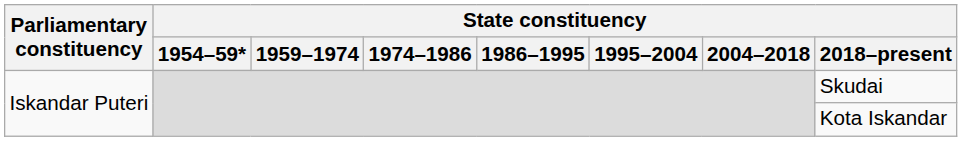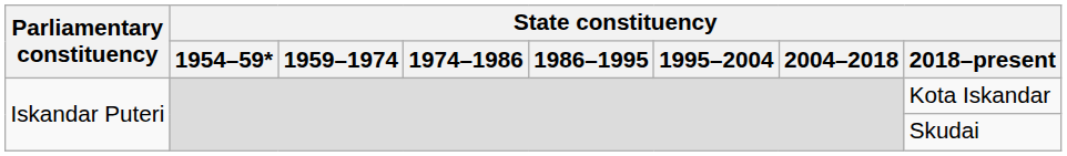 <table class="wikitable">
 <tr>
 <th rowspan="2">Parliamentary<br>constituency</th>
 <th colspan="7">State constituency</th>
 </tr>
 <tr>
 <th>1954–59*</th>
 <th>1959–1974</th>
 <th>1974–1986</th>
 <th>1986–1995</th>
 <th>1995–2004</th>
 <th>2004–2018</th>
 <th>2018–present</th>
 </tr>
 <tr>
 <td rowspan="2">Iskandar Puteri</td>
 <td colspan="6" rowspan="2" bgcolor="dcdcdc"></td>
+<td>Kota Iskandar</td>
+</tr>
+<tr>
 <td>Skudai</td>
 </tr>
-<tr>
-<td>Kota Iskandar</td>
-</tr>
 </table>
